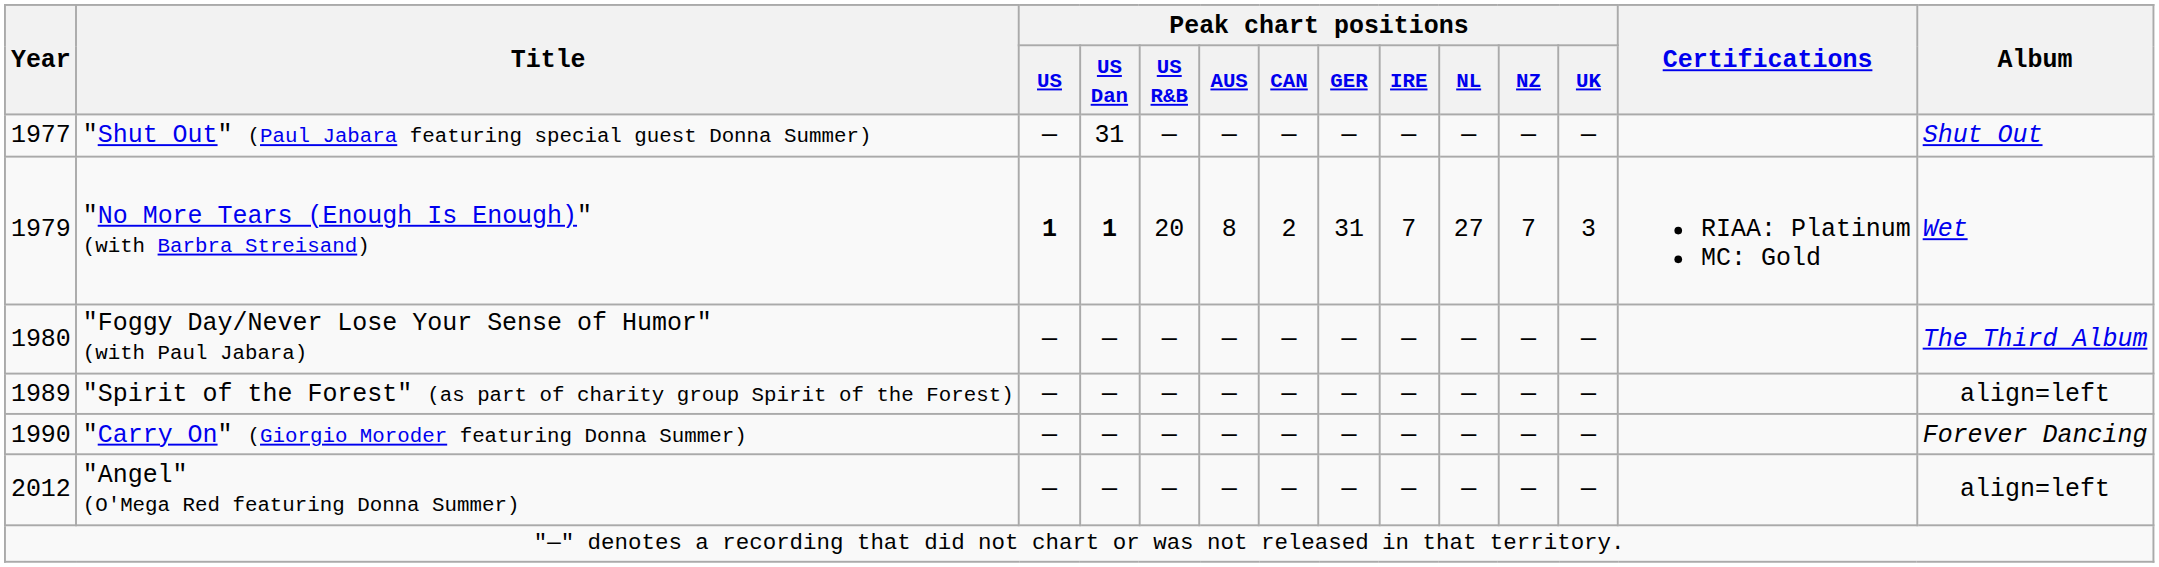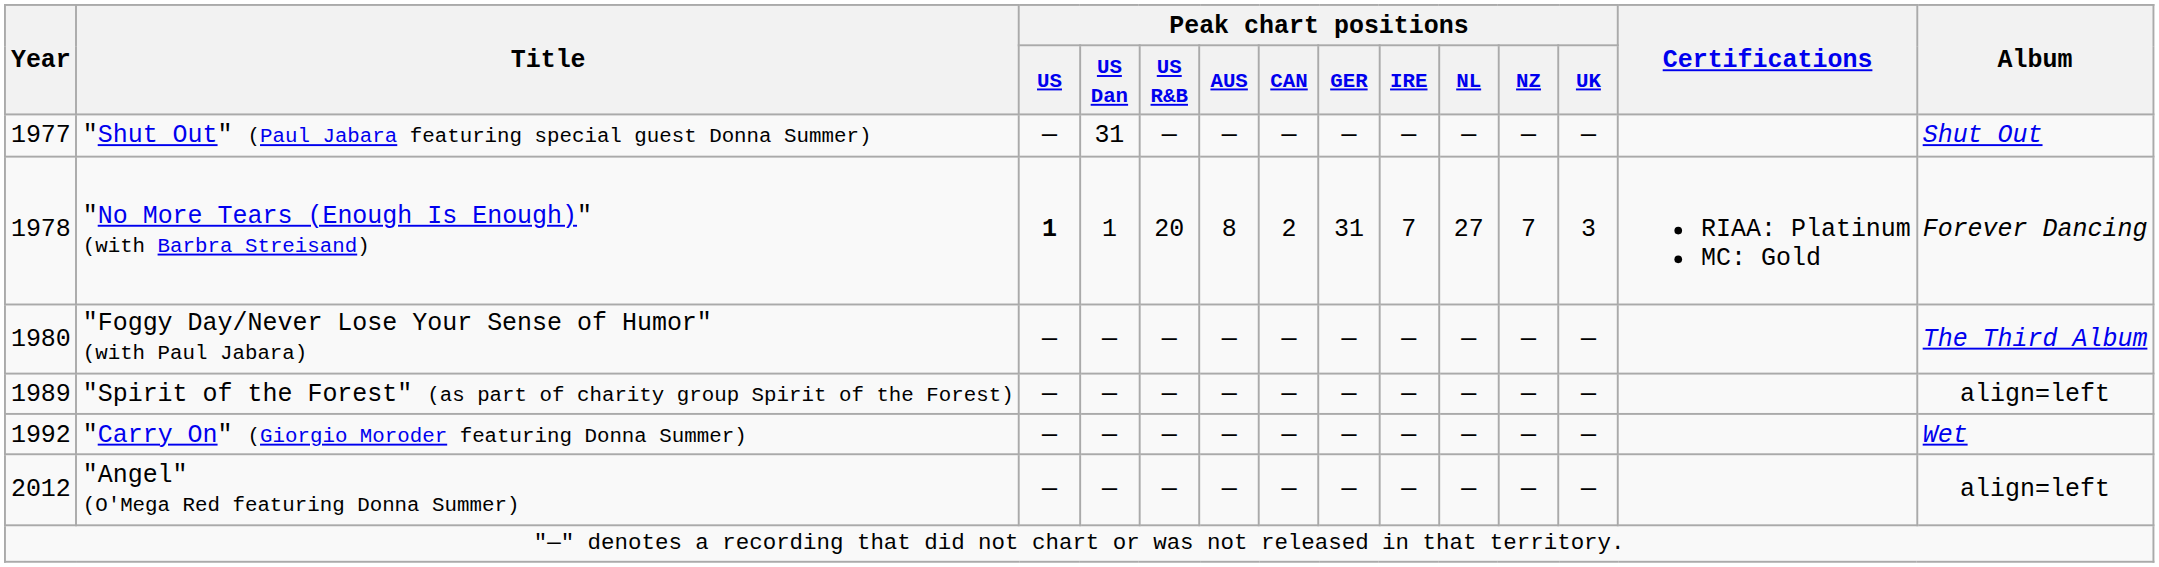 <table class="wikitable" style=text-align:center;>
 <tr>
 <th rowspan="2">Year</th>
 <th rowspan="2">Title</th>
 <th colspan="10">Peak chart positions</th>
 <th rowspan="2"><a href='#'>Certifications</a></th>
 <th rowspan="2">Album</th>
 </tr>
 <tr>
 <th width="25"><small><a href='#'>US</a><br></small></th>
 <th width="25"><small><a href='#'>US Dan</a><br></small></th>
 <th width="25"><small><a href='#'>US R&B</a><br></small></th>
 <th width="25"><small><a href='#'>AUS</a><br></small></th>
 <th width="25"><small><a href='#'>CAN</a><br></small></th>
 <th width="25"><small><a href='#'>GER</a><br></small></th>
 <th width="25"><small><a href='#'>IRE</a><br></small></th>
 <th width="25"><small><a href='#'>NL</a><br></small></th>
 <th width="25"><small><a href='#'>NZ</a><br></small></th>
 <th width="25"><small><a href='#'>UK</a><br></small></th>
 </tr>
 <tr>
 <td>1977</td>
 <td align=left>"<a href='#'>Shut Out</a>" <small>(<a href='#'>Paul Jabara</a> featuring special guest Donna Summer)</small> </td>
 <td>—</td>
 <td>31</td>
 <td>—</td>
 <td>—</td>
 <td>—</td>
 <td>—</td>
 <td>—</td>
 <td>—</td>
 <td>—</td>
 <td>—</td>
 <td align=left></td>
 <td align=left><em><a href='#'>Shut Out</a></em></td>
 </tr>
 <tr>
-<td>1979</td>
+<td>1978</td>
 <td align=left>"<a href='#'>No More Tears (Enough Is Enough)</a>"  <br><small>(with <a href='#'>Barbra Streisand</a>)</small></td>
 <td><strong>1</strong></td>
-<td><strong>1</strong></td>
+<td>1</td>
 <td>20</td>
 <td>8</td>
 <td>2</td>
 <td>31</td>
 <td>7</td>
 <td>27 </td>
 <td>7</td>
 <td>3 </td>
 <td align=left><br><ul><li>RIAA: Platinum</li><li>MC: Gold</li></ul></td>
-<td align=left><em><a href='#'>Wet</a></em></td>
+<td align=left><em>Forever Dancing</em></td>
 </tr>
 <tr>
 <td>1980</td>
 <td align=left>"Foggy Day/Never Lose Your Sense of Humor"<br><small>(with Paul Jabara)</small>  </td>
 <td>—</td>
 <td>—</td>
 <td>—</td>
 <td>—</td>
 <td>—</td>
 <td>—</td>
 <td>—</td>
 <td>—</td>
 <td>—</td>
 <td>—</td>
 <td align=left></td>
 <td align=left><em><a href='#'>The Third Album</a></em></td>
 </tr>
 <tr>
 <td>1989</td>
 <td align=left>"Spirit of the Forest" <small>(as part of charity group Spirit of the Forest)</small></td>
 <td>—</td>
 <td>—</td>
 <td>—</td>
 <td>—</td>
 <td>—</td>
 <td>—</td>
 <td>—</td>
 <td>—</td>
 <td>—</td>
 <td>—</td>
 <td align=left></td>
 <td>align=left </td>
 </tr>
 <tr>
-<td>1990</td>
+<td>1992</td>
 <td align=left>"<a href='#'>Carry On</a>" <small>(<a href='#'>Giorgio Moroder</a> featuring Donna Summer)</small></td>
 <td>—</td>
 <td>—</td>
 <td>—</td>
 <td>—</td>
 <td>—</td>
 <td>—</td>
 <td>—</td>
 <td>—</td>
 <td>—</td>
 <td>—</td>
 <td align=left></td>
-<td align=left><em>Forever Dancing</em></td>
+<td align=left><em><a href='#'>Wet</a></em></td>
 </tr>
 <tr>
 <td>2012</td>
 <td align=left>"Angel"<br><small>(O'Mega Red featuring Donna Summer)</small></td>
 <td>—</td>
 <td>—</td>
 <td>—</td>
 <td>—</td>
 <td>—</td>
 <td>—</td>
 <td>—</td>
 <td>—</td>
 <td>—</td>
 <td>—</td>
 <td align=left></td>
 <td>align=left </td>
 </tr>
 <tr>
 <td colspan="15" style="font-size:90%">"—" denotes a recording that did not chart or was not released in that territory.</td>
 </tr>
 </table>
